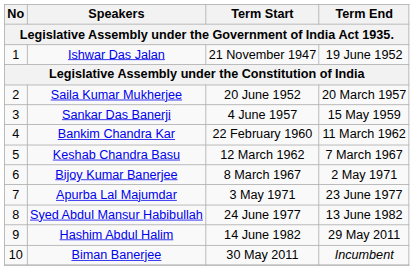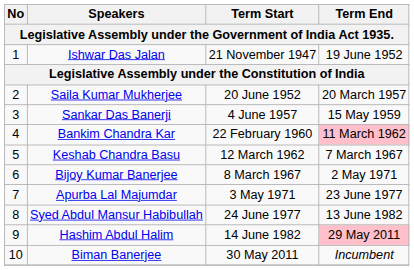 <table class="wikitable sortable" style="text-align:center" border="1">
 <tr>
 <th>No</th>
 <th>Speakers</th>
 <th>Term Start</th>
 <th>Term End</th>
 </tr>
 <tr>
 <th colspan ="4">Legislative Assembly under the Government of India Act 1935.</th>
 </tr>
 <tr>
 <td>1</td>
 <td><a href='#'>Ishwar Das Jalan</a></td>
 <td>21 November 1947</td>
 <td>19 June 1952</td>
 </tr>
 <tr>
 <th colspan ="4">Legislative Assembly under the Constitution of India</th>
 </tr>
 <tr>
 <td>2</td>
 <td><a href='#'>Saila Kumar Mukherjee</a></td>
 <td>20 June 1952</td>
 <td>20 March 1957</td>
 </tr>
 <tr>
 <td>3</td>
 <td><a href='#'>Sankar Das Banerji</a></td>
 <td>4 June 1957</td>
 <td>15 May 1959</td>
 </tr>
 <tr>
 <td>4</td>
 <td><a href='#'>Bankim Chandra Kar</a></td>
 <td>22 February 1960</td>
-<td>11 March 1962</td>
+<td style="background: pink;">11 March 1962</td>
 </tr>
 <tr>
 <td>5</td>
 <td><a href='#'>Keshab Chandra Basu</a></td>
 <td>12 March 1962</td>
 <td>7 March 1967</td>
 </tr>
 <tr>
 <td>6</td>
 <td><a href='#'>Bijoy Kumar Banerjee</a></td>
 <td>8 March 1967</td>
 <td>2 May 1971</td>
 </tr>
 <tr>
 <td>7</td>
 <td><a href='#'>Apurba Lal Majumdar</a></td>
 <td>3 May 1971</td>
 <td>23 June 1977</td>
 </tr>
 <tr>
 <td>8</td>
 <td><a href='#'>Syed Abdul Mansur Habibullah</a></td>
 <td>24 June 1977</td>
 <td>13 June 1982</td>
 </tr>
 <tr>
 <td>9</td>
 <td><a href='#'>Hashim Abdul Halim</a></td>
 <td>14 June 1982</td>
-<td>29 May 2011</td>
+<td style="background: pink;">29 May 2011</td>
 </tr>
 <tr>
 <td>10</td>
 <td><a href='#'>Biman Banerjee</a></td>
 <td>30 May 2011</td>
 <td><em>Incumbent</em></td>
 </tr>
 <tr>
 </tr>
 </table>
